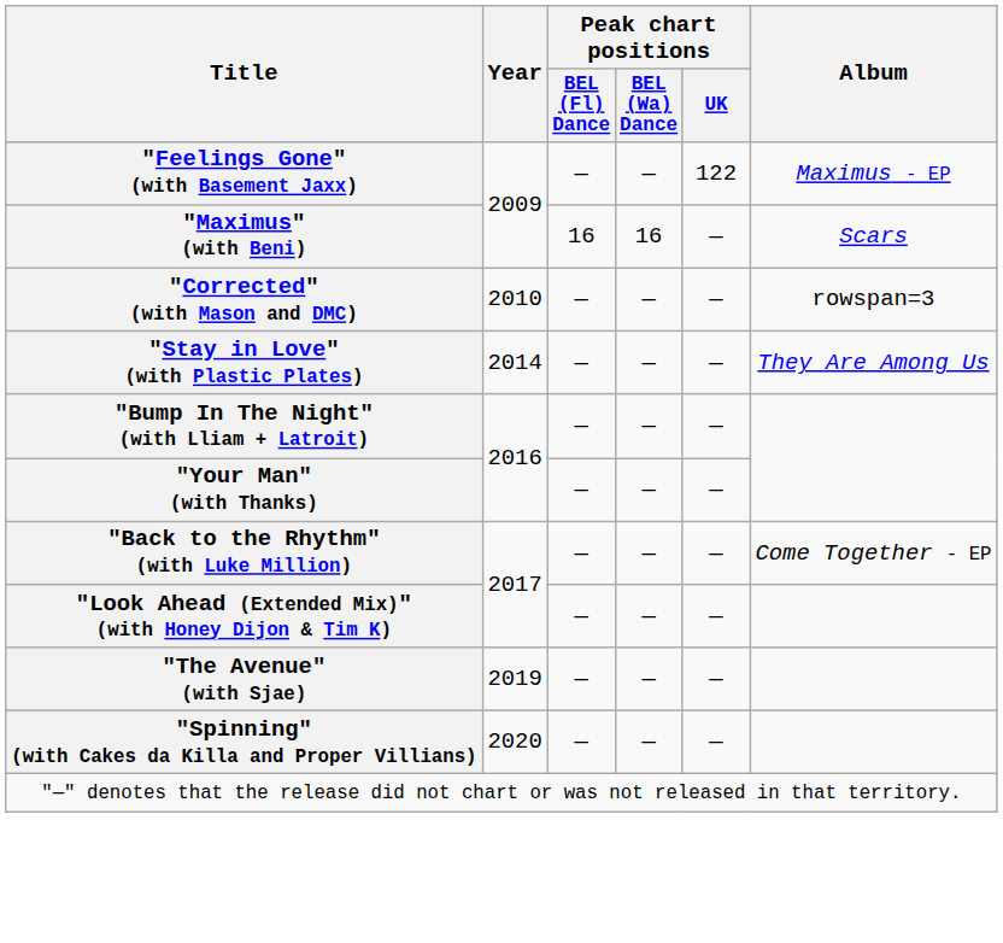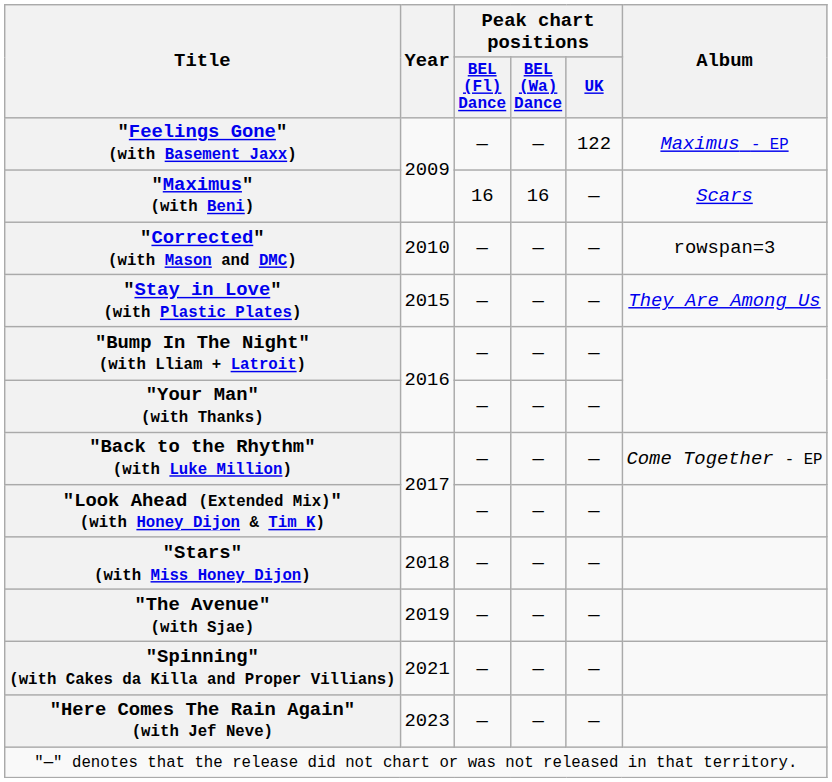 <table class="wikitable plainrowheaders" style="text-align:center;">
 <tr>
 <th scope="col" rowspan="2">Title</th>
 <th scope="col" rowspan="2">Year</th>
 <th scope="col" colspan="3">Peak chart positions</th>
 <th scope="col" rowspan="2">Album</th>
 </tr>
 <tr>
 <th scope="col" style="width:3em;font-size:85%;"><a href='#'>BEL<br>(Fl)<br><span>Dance</span></a><br></th>
 <th scope="col" style="width:3em;font-size:85%;"><a href='#'>BEL<br>(Wa)<br><span>Dance</span></a><br></th>
 <th scope="col" style="width:3em;font-size:85%;"><a href='#'>UK</a><br></th>
 </tr>
 <tr>
 <th scope="row">"<a href='#'>Feelings Gone</a>"<br><small>(with <a href='#'>Basement Jaxx</a>)</small></th>
 <td rowspan=2>2009</td>
 <td>—</td>
 <td>—</td>
 <td>122</td>
 <td><a href='#'><em>Maximus</em> <small>- EP</small></a></td>
 </tr>
 <tr>
 <th scope="row">"<a href='#'>Maximus</a>"<br><small>(with <a href='#'>Beni</a>)</small></th>
 <td>16</td>
 <td>16</td>
 <td>—</td>
 <td><em><a href='#'>Scars</a></em></td>
 </tr>
 <tr>
 <th scope="row">"<a href='#'>Corrected</a>"<br><small>(with <a href='#'>Mason</a> and <a href='#'>DMC</a>)</small></th>
 <td>2010</td>
 <td>—</td>
 <td>—</td>
 <td>—</td>
 <td>rowspan=3 </td>
 </tr>
 <tr>
 <th scope="row">"<a href='#'>Stay in Love</a>"<br><small>(with <a href='#'>Plastic Plates</a>)</small></th>
-<td>2014</td>
+<td>2015</td>
 <td>—</td>
 <td>—</td>
 <td>—</td>
 <td><em><a href='#'>They Are Among Us</a></em></td>
 </tr>
 <tr>
 <th scope="row">"Bump In The Night"<br><small>(with Lliam + <a href='#'>Latroit</a>)</small></th>
 <td rowspan=2>2016</td>
 <td>—</td>
 <td>—</td>
 <td>—</td>
 </tr>
 <tr>
 <th scope="row">"Your Man"<br><small>(with Thanks)</small></th>
 <td>—</td>
 <td>—</td>
 <td>—</td>
 </tr>
 <tr>
 <th scope="row">"Back to the Rhythm"<br><small>(with <a href='#'>Luke Million</a>)</small></th>
 <td rowspan=2>2017</td>
 <td>—</td>
 <td>—</td>
 <td>—</td>
 <td><em>Come Together</em> <small>- EP</small></td>
 </tr>
 <tr>
 <th scope="row">"Look Ahead <small>(Extended Mix)</small>"<br><small>(with <a href='#'>Honey Dijon</a> & <a href='#'>Tim K</a>)</small></th>
 <td>—</td>
 <td>—</td>
 <td>—</td>
 <td></td>
 </tr>
 <tr>
+<th scope="row">"Stars"<br><small>(with <a href='#'>Miss Honey Dijon</a>)</small></th>
+<td>2018</td>
+<td>—</td>
+<td>—</td>
+<td>—</td>
+<td></td>
+</tr>
+<tr>
 <th scope="row">"The Avenue"<br><small>(with Sjae)</small></th>
 <td>2019</td>
 <td>—</td>
 <td>—</td>
 <td>—</td>
 <td></td>
 </tr>
 <tr>
 <th scope="row">"Spinning"<br><small>(with Cakes da Killa and Proper Villians)</small></th>
-<td>2020</td>
+<td>2021</td>
+<td>—</td>
+<td>—</td>
+<td>—</td>
+<td></td>
+</tr>
+<tr>
+<th scope="row">"Here Comes The Rain Again"<br><small>(with Jef Neve)</small></th>
+<td>2023</td>
 <td>—</td>
 <td>—</td>
 <td>—</td>
 <td></td>
 </tr>
 <tr>
 <td colspan="6" align="center"><small>"—" denotes that the release did not chart or was not released in that territory.</small></td>
 </tr>
 </table>
